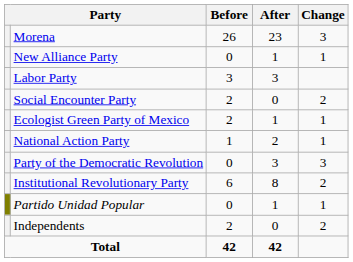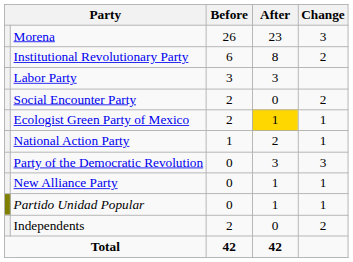 <table class="wikitable" style="text-align:center;">
 <tr>
 <th colspan="2">Party</th>
 <th style="width:3em">Before</th>
 <th style="width:3em">After</th>
 <th style="width:3em">Change</th>
 </tr>
 <tr>
 <th style="background-color:"></th>
 <td style="text-align:left;"><a href='#'>Morena</a></td>
 <td>26</td>
 <td>23</td>
 <td>3</td>
 </tr>
 <tr>
 <th style="background-color:"></th>
-<td style="text-align:left;"><a href='#'>New Alliance Party</a></td>
-<td>0</td>
-<td>1</td>
-<td>1</td>
+<td style="text-align:left;"><a href='#'>Institutional Revolutionary Party</a></td>
+<td>6</td>
+<td>8</td>
+<td>2</td>
 </tr>
 <tr>
 <th style="background-color:"></th>
 <td style="text-align:left;"><a href='#'>Labor Party</a></td>
 <td>3</td>
 <td>3</td>
 <td></td>
 </tr>
 <tr>
 <th style="background-color:"></th>
 <td style="text-align:left;"><a href='#'>Social Encounter Party</a></td>
 <td>2</td>
 <td>0</td>
 <td>2</td>
 </tr>
 <tr>
 <th style="background-color:"></th>
 <td style="text-align:left;"><a href='#'>Ecologist Green Party of Mexico</a></td>
 <td>2</td>
-<td>1</td>
+<td style="background: gold;">1</td>
 <td>1</td>
 </tr>
 <tr>
 <th style="background-color:"></th>
 <td style="text-align:left;"><a href='#'>National Action Party</a></td>
 <td>1</td>
 <td>2</td>
 <td>1</td>
 </tr>
 <tr>
 <th style="background-color:"></th>
 <td style="text-align:left;"><a href='#'>Party of the Democratic Revolution</a></td>
 <td>0</td>
 <td>3</td>
 <td>3</td>
 </tr>
 <tr>
 <th style="background-color:"></th>
-<td style="text-align:left;"><a href='#'>Institutional Revolutionary Party</a></td>
-<td>6</td>
-<td>8</td>
-<td>2</td>
+<td style="text-align:left;"><a href='#'>New Alliance Party</a></td>
+<td>0</td>
+<td>1</td>
+<td>1</td>
 </tr>
 <tr>
 <th style="background-color:#808000;"></th>
 <td style="text-align:left;"><em>Partido Unidad Popular</em></td>
 <td>0</td>
 <td>1</td>
 <td>1</td>
 </tr>
 <tr>
 <th style="background-color:"></th>
 <td style="text-align:left;">Independents</td>
 <td>2</td>
 <td>0</td>
 <td>2</td>
 </tr>
 <tr>
 <td colspan="2"><strong>Total</strong></td>
 <td><strong>42</strong></td>
 <td><strong>42</strong></td>
 <td></td>
 </tr>
 </table>
